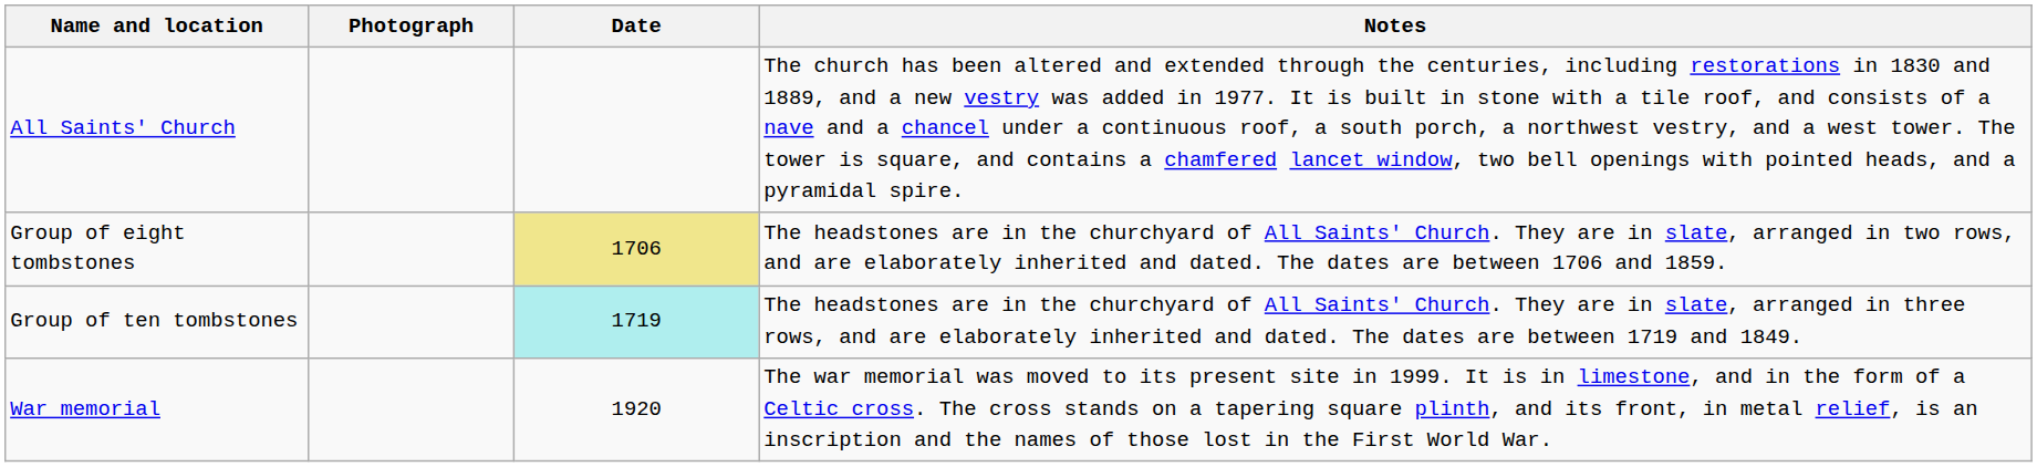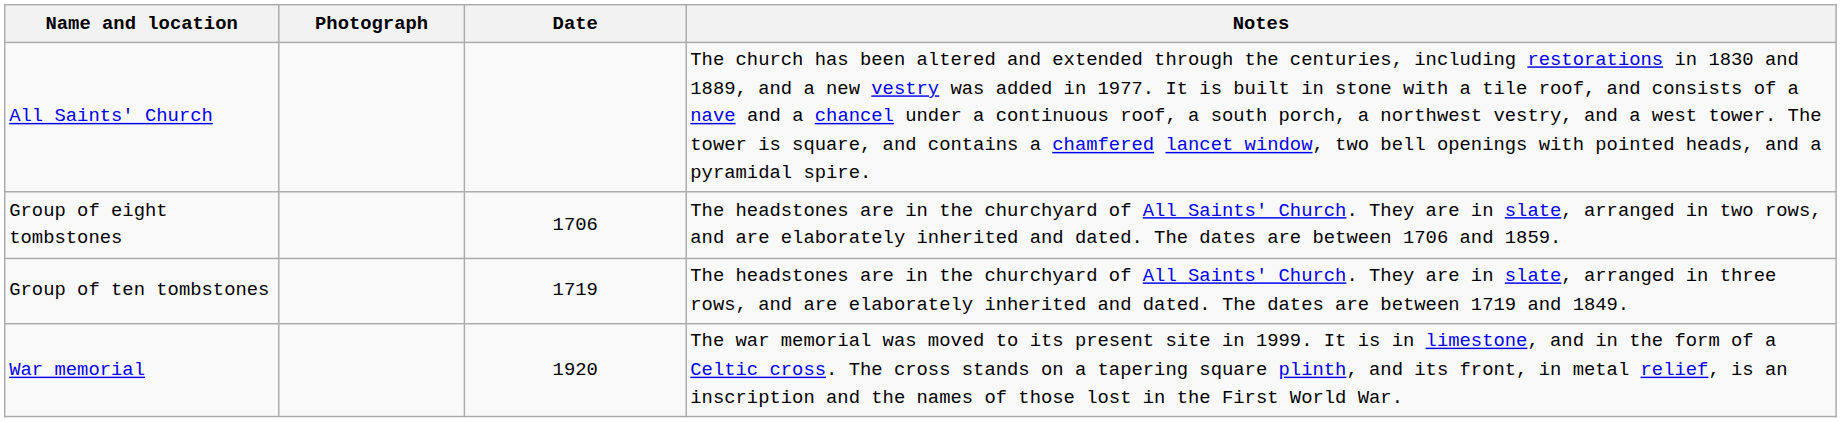 <table class="wikitable sortable plainrowheaders" style="width:100%; border:0px; text-align:left; line-height:150%">
 <tr>
 <th scope="col"  style="width:150px">Name and location</th>
 <th scope="col"  style="width:100px" class="unsortable">Photograph</th>
 <th scope="col"  style="width:120px">Date</th>
 <th scope="col"  style="width:650px" class="unsortable">Notes</th>
 </tr>
 <tr>
 <td><a href='#'>All Saints' Church</a><br><small></small></td>
 <td></td>
 <td align="center"></td>
 <td>The church has been altered and extended through the centuries, including <a href='#'>restorations</a> in 1830 and 1889, and a new <a href='#'>vestry</a> was added in 1977.  It is built in stone with a tile roof, and consists of a <a href='#'>nave</a> and a <a href='#'>chancel</a> under a continuous roof, a south porch, a northwest vestry, and a west tower.  The tower is square, and contains a <a href='#'>chamfered</a> <a href='#'>lancet window</a>, two bell openings with pointed heads, and a pyramidal spire.</td>
 </tr>
 <tr>
 <td>Group of eight tombstones<br><small></small></td>
 <td></td>
-<td align="center" style="background: khaki;">1706</td>
+<td align="center">1706</td>
 <td>The headstones are in the churchyard of <a href='#'>All Saints' Church</a>.  They are in <a href='#'>slate</a>, arranged in two rows, and are elaborately inherited and dated.  The dates are between 1706 and 1859.</td>
 </tr>
 <tr>
 <td>Group of ten tombstones<br><small></small></td>
 <td></td>
-<td align="center" style="background: paleturquoise;">1719</td>
+<td align="center">1719</td>
 <td>The headstones are in the churchyard of <a href='#'>All Saints' Church</a>.  They are in <a href='#'>slate</a>, arranged in three rows, and are elaborately inherited and dated.  The dates are between 1719 and 1849.</td>
 </tr>
 <tr>
 <td><a href='#'>War memorial</a><br><small></small></td>
 <td></td>
 <td align="center">1920</td>
 <td>The war memorial was moved to its present site in 1999.  It is in <a href='#'>limestone</a>, and in the form of a <a href='#'>Celtic cross</a>.  The cross stands on a tapering square <a href='#'>plinth</a>, and its front, in metal <a href='#'>relief</a>, is an inscription and the names of those lost in the First World War.</td>
 </tr>
 <tr>
 </tr>
 </table>
